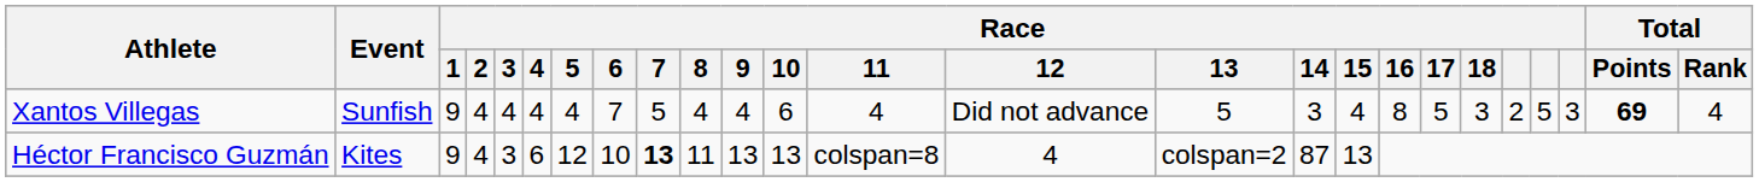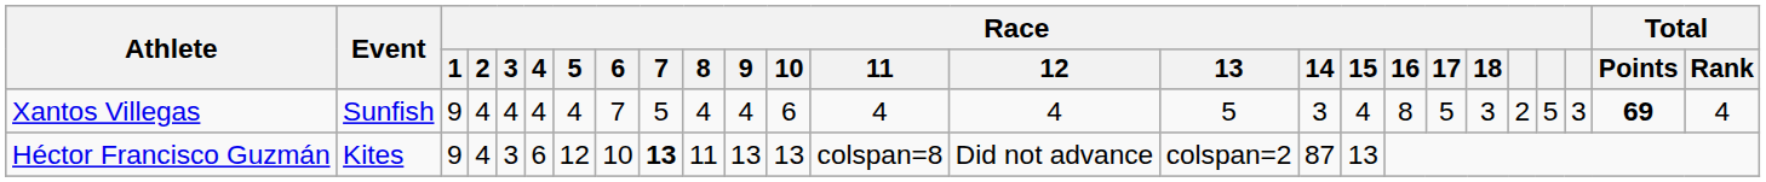 <table class=wikitable style=font-size:90%;text-align:center>
 <tr>
 <th rowspan=2>Athlete</th>
 <th rowspan=2>Event</th>
 <th colspan=21>Race</th>
 <th colspan=2>Total</th>
 </tr>
 <tr style=font-size:95%>
 <th>1</th>
 <th>2</th>
 <th>3</th>
 <th>4</th>
 <th>5</th>
 <th>6</th>
 <th>7</th>
 <th>8</th>
 <th>9</th>
 <th>10</th>
 <th>11</th>
 <th>12</th>
 <th>13</th>
 <th>14</th>
 <th>15</th>
 <th>16</th>
 <th>17</th>
 <th>18</th>
 <th></th>
 <th></th>
 <th></th>
 <th>Points</th>
 <th>Rank</th>
 </tr>
 <tr>
 <td align=left><a href='#'>Xantos Villegas</a></td>
 <td align=left><a href='#'>Sunfish</a></td>
 <td>9</td>
 <td>4</td>
 <td>4</td>
 <td>4</td>
 <td>4</td>
 <td>7</td>
 <td>5</td>
 <td>4</td>
 <td>4</td>
 <td>6</td>
 <td>4</td>
-<td>Did not advance</td>
+<td>4</td>
 <td>5</td>
 <td>3</td>
 <td>4</td>
 <td>8</td>
 <td>5</td>
 <td>3</td>
 <td>2</td>
 <td>5</td>
 <td>3</td>
 <td><strong>69</strong></td>
 <td>4</td>
 </tr>
 <tr>
 <td align=left><a href='#'>Héctor Francisco Guzmán</a></td>
 <td align=left><a href='#'>Kites</a></td>
 <td>9</td>
 <td>4</td>
 <td>3</td>
 <td>6</td>
 <td>12</td>
 <td>10</td>
 <td><strong>13</strong></td>
 <td>11</td>
 <td>13</td>
 <td>13</td>
 <td>colspan=8 </td>
-<td>4</td>
+<td>Did not advance</td>
 <td>colspan=2 </td>
 <td>87</td>
 <td>13</td>
 </tr>
 </table>
